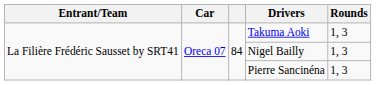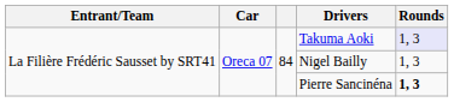 <table class="wikitable" style="font-size: 85%">
 <tr>
 <th>Entrant/Team</th>
 <th>Car</th>
 <th></th>
 <th>Drivers</th>
 <th>Rounds</th>
 </tr>
 <tr>
 <td rowspan=3> La Filière Frédéric Sausset by SRT41</td>
 <td rowspan="3"><a href='#'>Oreca 07</a></td>
 <td rowspan="3" align="center">84</td>
 <td> <a href='#'>Takuma Aoki</a></td>
-<td>1, 3</td>
+<td style="background: lavender;">1, 3</td>
 </tr>
 <tr>
 <td> Nigel Bailly</td>
 <td>1, 3</td>
 </tr>
 <tr>
 <td> Pierre Sancinéna</td>
-<td>1, 3</td>
+<td><strong>1, 3</strong></td>
 </tr>
 </table>
